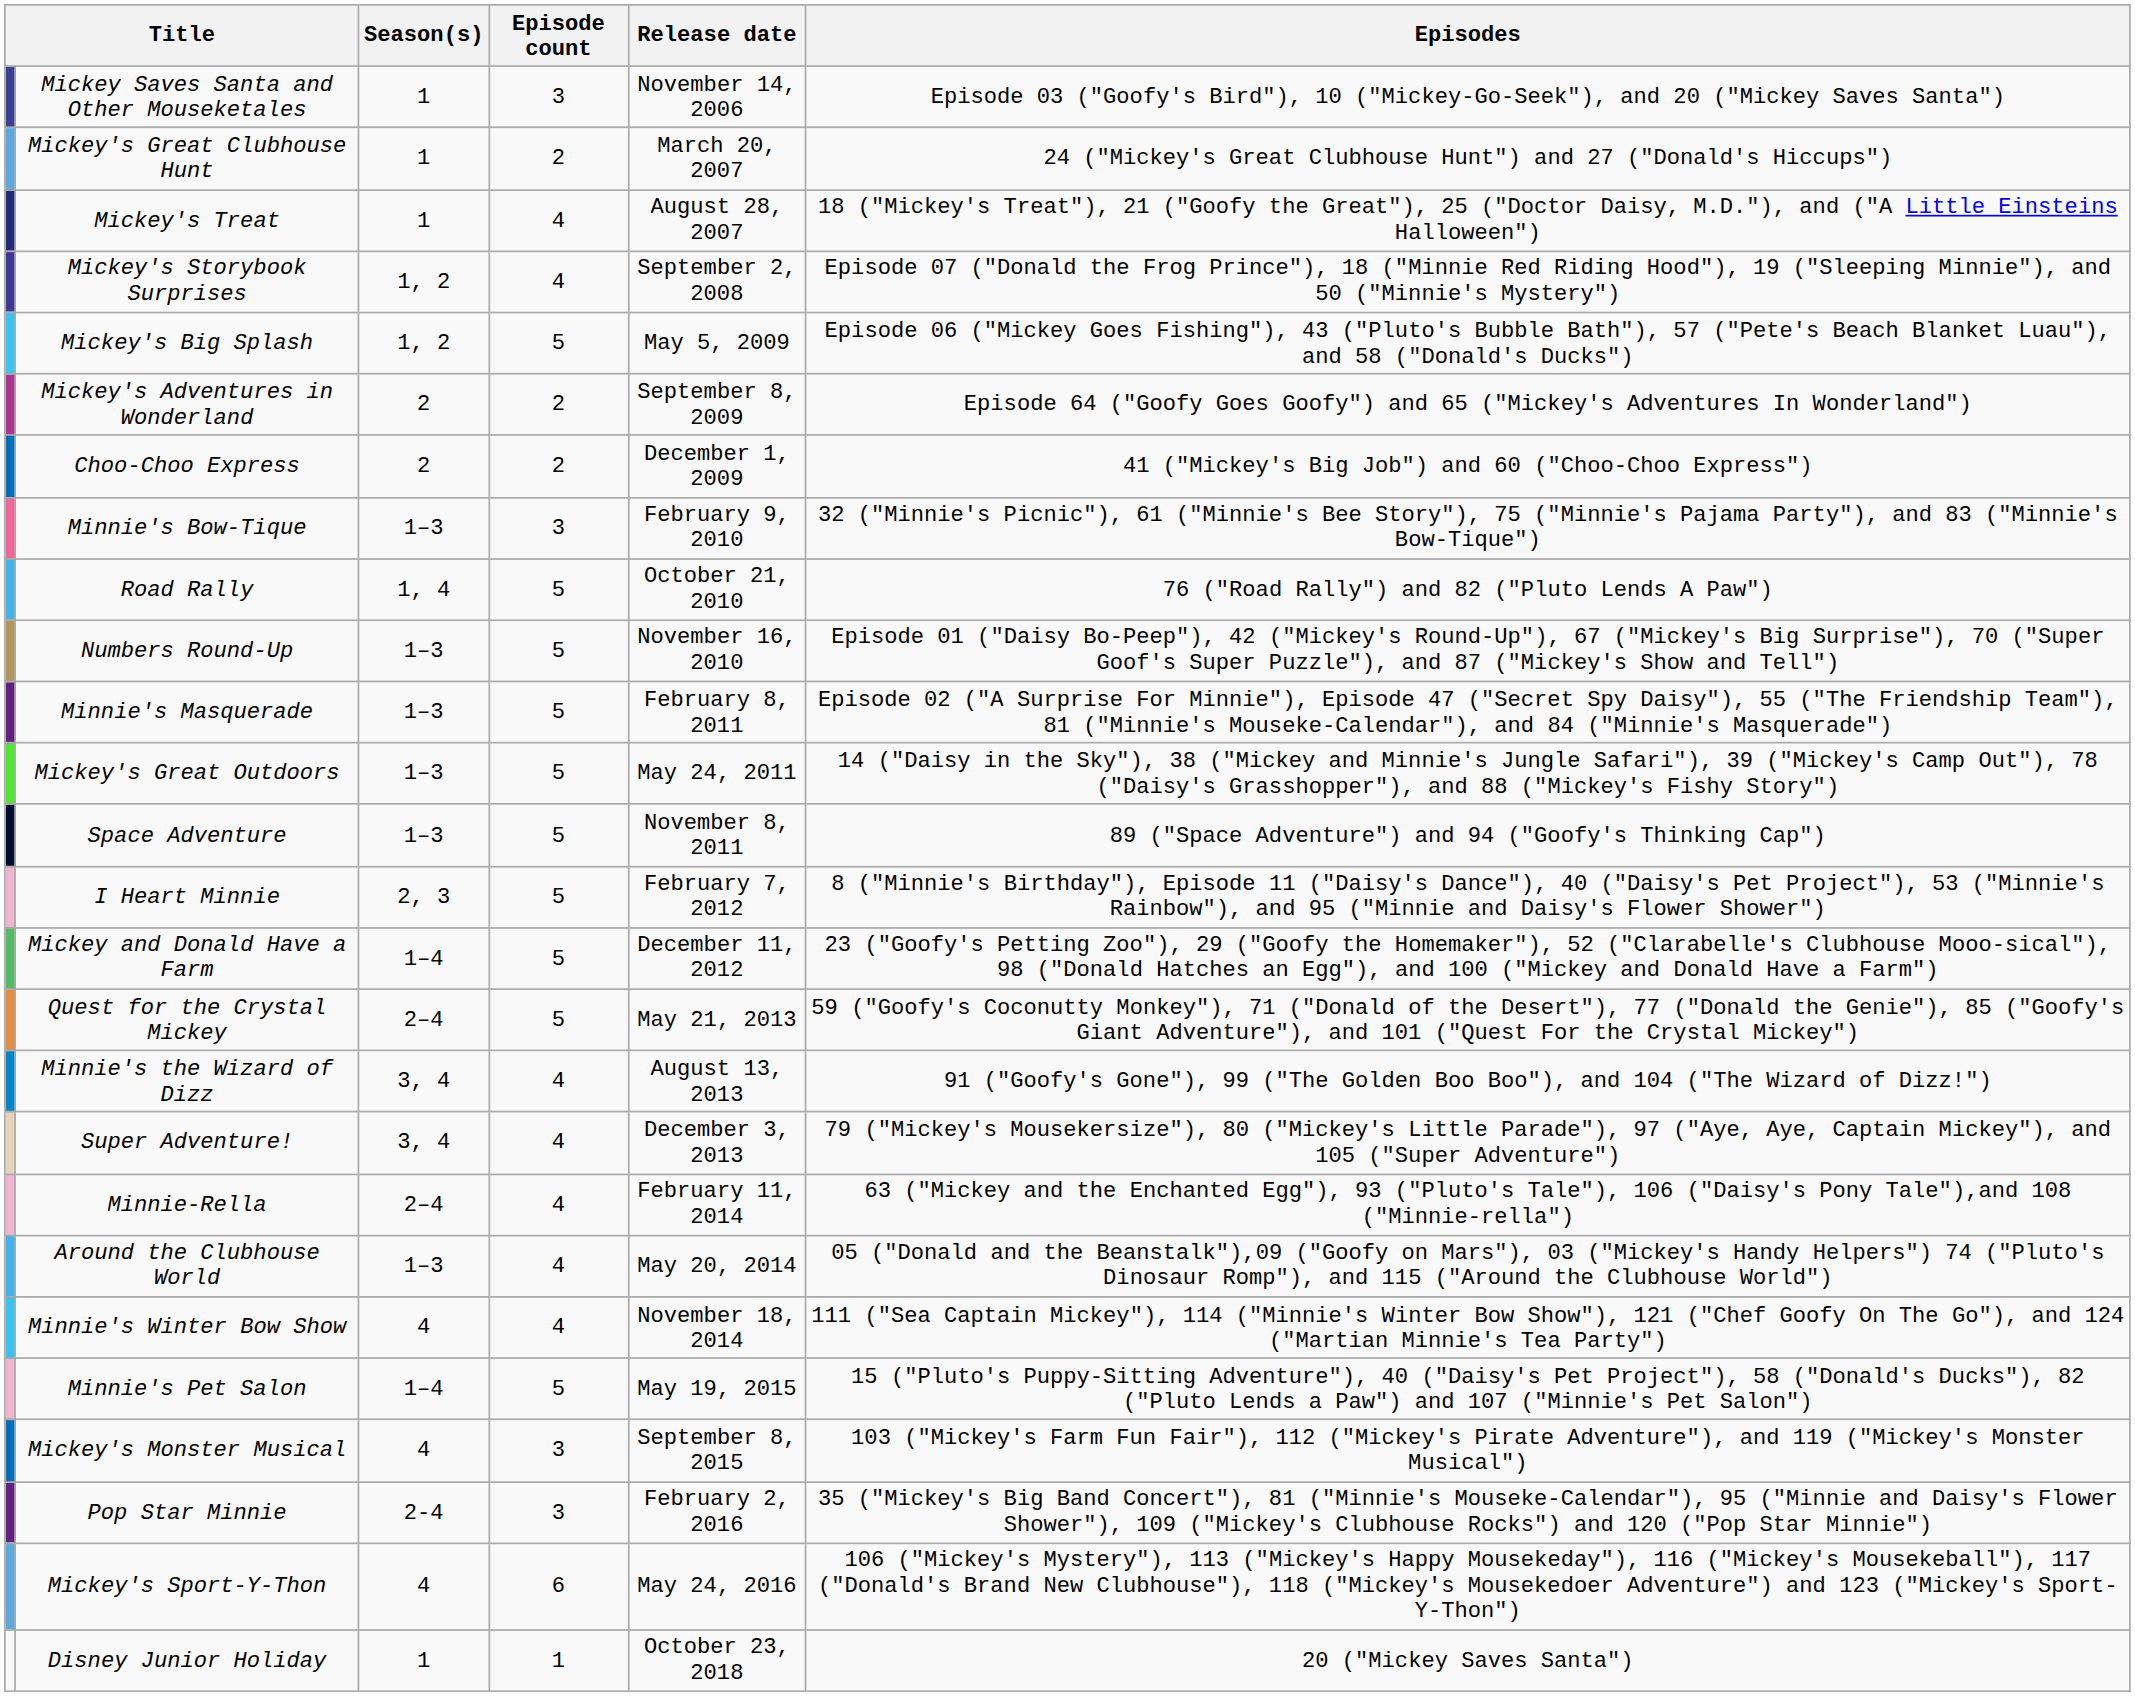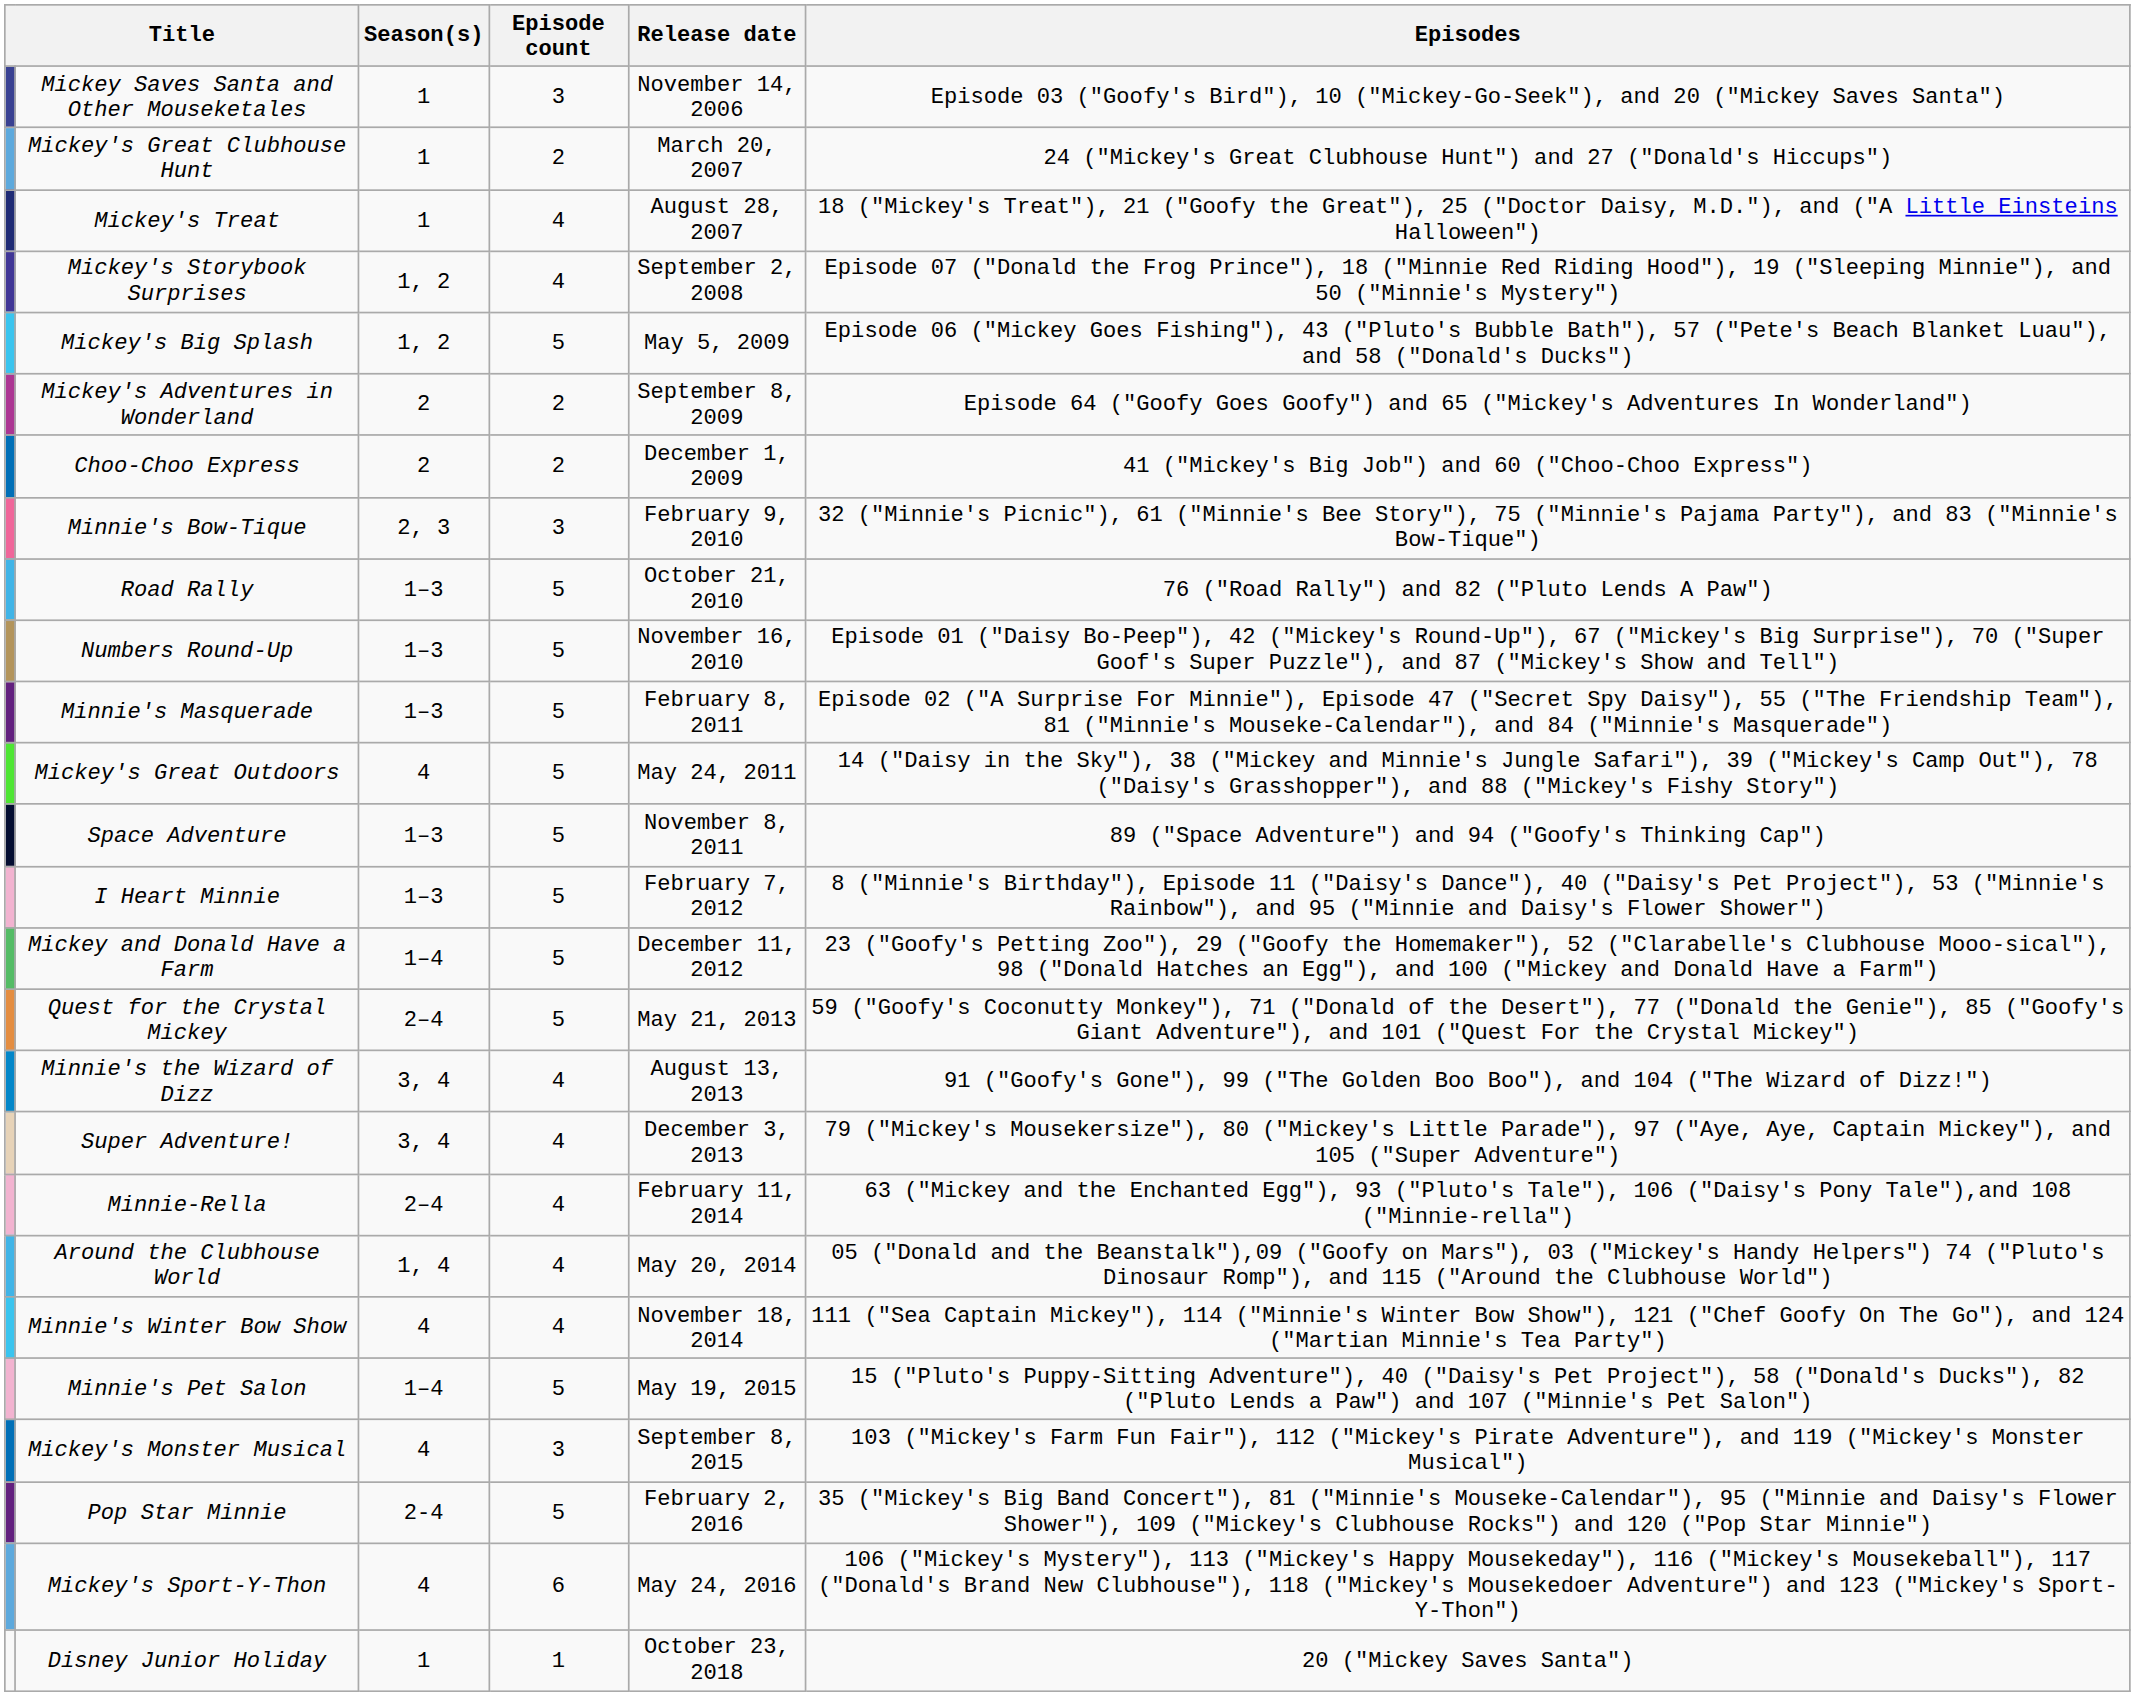 <table class="wikitable sortable" style="text-align: center;">
 <tr>
 <th colspan=2>Title</th>
 <th>Season(s)</th>
 <th>Episode count</th>
 <th>Release date</th>
 <th>Episodes</th>
 </tr>
 <tr>
 <td style="background:#394192"></td>
 <td><em>Mickey Saves Santa and Other Mouseketales</em></td>
 <td>1</td>
 <td>3</td>
 <td>November 14, 2006</td>
 <td>Episode  03 ("Goofy's Bird"), 10 ("Mickey-Go-Seek"), and 20 ("Mickey Saves Santa")</td>
 </tr>
 <tr>
 <td style="background:#5da9dd"></td>
 <td><em>Mickey's Great Clubhouse Hunt</em></td>
 <td>1</td>
 <td>2</td>
 <td>March 20, 2007</td>
 <td>24 ("Mickey's Great Clubhouse Hunt") and 27 ("Donald's Hiccups")</td>
 </tr>
 <tr>
 <td style="background:#1f2b75"></td>
 <td><em>Mickey's Treat</em></td>
 <td>1</td>
 <td>4</td>
 <td>August 28, 2007</td>
 <td>18 ("Mickey's Treat"), 21 ("Goofy the Great"), 25 ("Doctor Daisy, M.D."), and ("A <a href='#'>Little Einsteins</a> Halloween")</td>
 </tr>
 <tr>
 <td style="background:#403696"></td>
 <td><em>Mickey's Storybook Surprises</em></td>
 <td>1, 2</td>
 <td>4</td>
 <td>September 2, 2008</td>
 <td>Episode 07 ("Donald the Frog Prince"), 18 ("Minnie Red Riding Hood"), 19 ("Sleeping Minnie"), and 50 ("Minnie's Mystery")</td>
 </tr>
 <tr>
 <td style="background:#39c4ef"></td>
 <td><em>Mickey's Big Splash</em></td>
 <td>1, 2</td>
 <td>5</td>
 <td>May 5, 2009</td>
 <td>Episode 06 ("Mickey Goes Fishing"), 43 ("Pluto's Bubble Bath"), 57 ("Pete's Beach Blanket Luau"), and 58 ("Donald's Ducks")</td>
 </tr>
 <tr>
 <td style="background:#ac3593"></td>
 <td><em>Mickey's Adventures in Wonderland</em></td>
 <td>2</td>
 <td>2</td>
 <td>September 8, 2009</td>
 <td>Episode 64 ("Goofy Goes Goofy") and 65 ("Mickey's Adventures In Wonderland")</td>
 </tr>
 <tr>
 <td style="background:#006fb7"></td>
 <td><em>Choo-Choo Express</em></td>
 <td>2</td>
 <td>2</td>
 <td>December 1, 2009</td>
 <td>41 ("Mickey's Big Job") and 60 ("Choo-Choo Express")</td>
 </tr>
 <tr>
 <td style="background:#f0669a"></td>
 <td><em>Minnie's Bow-Tique</em></td>
-<td>1–3</td>
+<td>2, 3</td>
 <td>3</td>
 <td>February 9, 2010</td>
 <td>32 ("Minnie's Picnic"), 61 ("Minnie's Bee Story"), 75 ("Minnie's Pajama Party"), and 83 ("Minnie's Bow-Tique")</td>
 </tr>
 <tr>
 <td style="background:#40b4e7"></td>
 <td><em>Road Rally</em></td>
-<td>1, 4</td>
+<td>1–3</td>
 <td>5</td>
 <td>October 21, 2010</td>
 <td>76 ("Road Rally") and 82 ("Pluto Lends A Paw")</td>
 </tr>
 <tr>
 <td style="background:#b3945b"></td>
 <td><em>Numbers Round-Up</em></td>
 <td>1–3</td>
 <td>5</td>
 <td>November 16, 2010</td>
 <td>Episode 01 ("Daisy Bo-Peep"), 42 ("Mickey's Round-Up"), 67 ("Mickey's Big Surprise"), 70 ("Super Goof's Super Puzzle"), and 87 ("Mickey's Show and Tell")</td>
 </tr>
 <tr>
 <td style="background:#63207f"></td>
 <td><em>Minnie's Masquerade</em></td>
 <td>1–3</td>
 <td>5</td>
 <td>February 8, 2011</td>
 <td>Episode 02 ("A Surprise For Minnie"), Episode 47 ("Secret Spy Daisy"), 55 ("The Friendship Team"), 81 ("Minnie's Mouseke-Calendar"), and 84 ("Minnie's Masquerade")</td>
 </tr>
 <tr>
 <td style="background:#4ee633"></td>
 <td><em>Mickey's Great Outdoors</em></td>
-<td>1–3</td>
+<td>4</td>
 <td>5</td>
 <td>May 24, 2011</td>
 <td>14 ("Daisy in the Sky"), 38 ("Mickey and Minnie's Jungle Safari"), 39 ("Mickey's Camp Out"), 78 ("Daisy's Grasshopper"), and 88 ("Mickey's Fishy Story")</td>
 </tr>
 <tr>
 <td style="background:#030d31"></td>
 <td><em>Space Adventure</em></td>
 <td>1–3</td>
 <td>5</td>
 <td>November 8, 2011</td>
 <td>89 ("Space Adventure") and 94 ("Goofy's Thinking Cap")</td>
 </tr>
 <tr>
 <td style="background:#f2b3d0"></td>
 <td><em>I Heart Minnie</em></td>
-<td>2, 3</td>
+<td>1–3</td>
 <td>5</td>
 <td>February 7, 2012</td>
 <td>8 ("Minnie's Birthday"), Episode 11 ("Daisy's Dance"), 40 ("Daisy's Pet Project"), 53 ("Minnie's Rainbow"), and 95 ("Minnie and Daisy's Flower Shower")</td>
 </tr>
 <tr>
 <td style="background:#54bc65"></td>
 <td><em>Mickey and Donald Have a Farm</em></td>
 <td>1–4</td>
 <td>5</td>
 <td>December 11, 2012</td>
 <td>23 ("Goofy's Petting Zoo"), 29 ("Goofy the Homemaker"), 52 ("Clarabelle's Clubhouse Mooo-sical"), 98 ("Donald Hatches an Egg"), and 100 ("Mickey and Donald Have a Farm")</td>
 </tr>
 <tr>
 <td style="background:#e48d40"></td>
 <td><em>Quest for the Crystal Mickey</em></td>
 <td>2–4</td>
 <td>5</td>
 <td>May 21, 2013</td>
 <td>59 ("Goofy's Coconutty Monkey"), 71 ("Donald of the Desert"), 77 ("Donald the Genie"), 85 ("Goofy's Giant Adventure"), and 101 ("Quest For the Crystal Mickey")</td>
 </tr>
 <tr>
 <td style="background:#0186c9"></td>
 <td><em>Minnie's the Wizard of Dizz</em></td>
 <td>3, 4</td>
 <td>4</td>
 <td>August 13, 2013</td>
 <td>91 ("Goofy's Gone"), 99 ("The Golden Boo Boo"), and 104 ("The Wizard of Dizz!")</td>
 </tr>
 <tr>
 <td style="background:#e7d3b8"></td>
 <td><em>Super Adventure!</em></td>
 <td>3, 4</td>
 <td>4</td>
 <td>December 3, 2013</td>
 <td>79 ("Mickey's Mousekersize"), 80 ("Mickey's Little Parade"), 97 ("Aye, Aye, Captain Mickey"), and 105 ("Super Adventure")</td>
 </tr>
 <tr>
 <td style="background:#f2b3d0"></td>
 <td><em>Minnie-Rella</em></td>
 <td>2–4</td>
 <td>4</td>
 <td>February 11, 2014</td>
 <td>63 ("Mickey and the Enchanted Egg"), 93 ("Pluto's Tale"), 106 ("Daisy's Pony Tale"),and 108 ("Minnie-rella")</td>
 </tr>
 <tr>
 <td style="background:#40b4e7"></td>
 <td><em>Around the Clubhouse World</em></td>
-<td>1–3</td>
+<td>1, 4</td>
 <td>4</td>
 <td>May 20, 2014</td>
 <td>05 ("Donald and the Beanstalk"),09 ("Goofy on Mars"), 03 ("Mickey's Handy Helpers") 74 ("Pluto's Dinosaur Romp"), and 115 ("Around the Clubhouse World")</td>
 </tr>
 <tr>
 <td style="background:#39c4ef"></td>
 <td><em>Minnie's Winter Bow Show</em></td>
 <td>4</td>
 <td>4</td>
 <td>November 18, 2014</td>
 <td>111 ("Sea Captain Mickey"), 114 ("Minnie's Winter Bow Show"), 121 ("Chef Goofy On The Go"), and 124 ("Martian Minnie's Tea Party")</td>
 </tr>
 <tr>
 <td style="background:#f2b3d0"></td>
 <td><em>Minnie's Pet Salon</em></td>
 <td>1–4</td>
 <td>5</td>
 <td>May 19, 2015</td>
 <td>15 ("Pluto's Puppy-Sitting Adventure"), 40 ("Daisy's Pet Project"), 58 ("Donald's Ducks"), 82 ("Pluto Lends a Paw") and 107 ("Minnie's Pet Salon")</td>
 </tr>
 <tr>
 <td style="background:#006fb7"></td>
 <td><em>Mickey's Monster Musical</em></td>
 <td>4</td>
 <td>3</td>
 <td>September 8, 2015</td>
 <td>103 ("Mickey's Farm Fun Fair"), 112 ("Mickey's Pirate Adventure"), and 119 ("Mickey's Monster Musical")</td>
 </tr>
 <tr>
 <td style="background:#63207f"></td>
 <td><em>Pop Star Minnie</em></td>
 <td>2-4</td>
-<td>3</td>
+<td>5</td>
 <td>February 2, 2016</td>
 <td>35 ("Mickey's Big Band Concert"), 81 ("Minnie's Mouseke-Calendar"), 95 ("Minnie and Daisy's Flower Shower"), 109 ("Mickey's Clubhouse Rocks") and 120 ("Pop Star Minnie")</td>
 </tr>
 <tr>
 <td style="background:#5da9dd"></td>
 <td><em>Mickey's Sport-Y-Thon</em></td>
 <td>4</td>
 <td>6</td>
 <td>May 24, 2016</td>
 <td>106 ("Mickey's Mystery"), 113 ("Mickey's Happy Mousekeday"), 116 ("Mickey's Mousekeball"), 117 ("Donald's Brand New Clubhouse"), 118 ("Mickey's Mousekedoer Adventure") and 123 ("Mickey's Sport-Y-Thon")</td>
 </tr>
 <tr>
 <td style="background:#000a54b"></td>
 <td><em>Disney Junior Holiday</em></td>
 <td>1</td>
 <td>1</td>
 <td>October 23, 2018</td>
 <td>20 ("Mickey Saves Santa")</td>
 </tr>
 </table>
